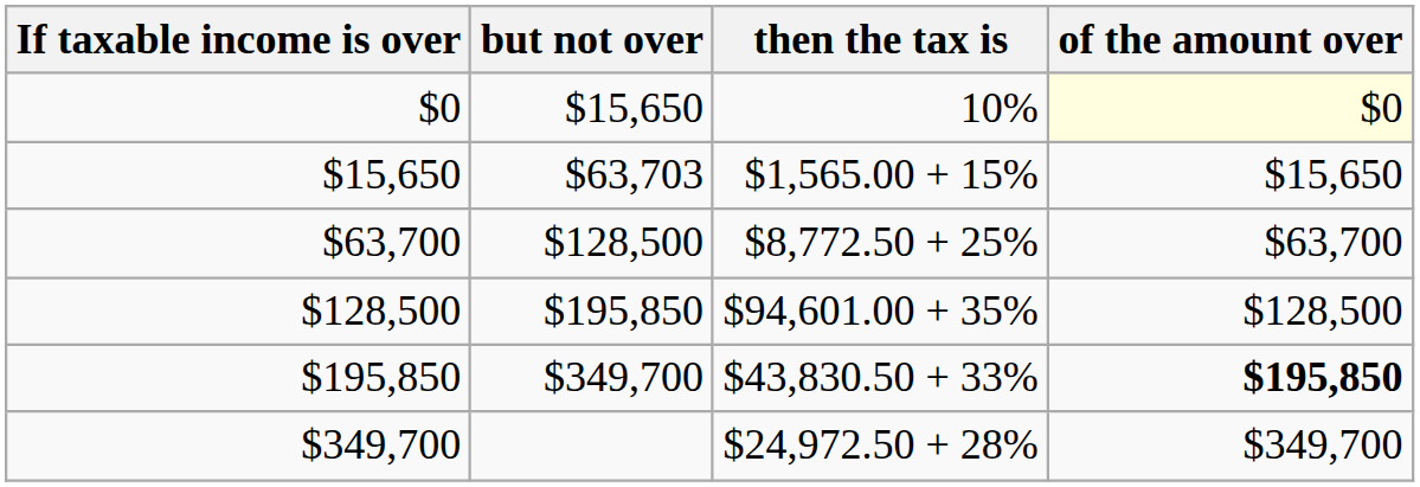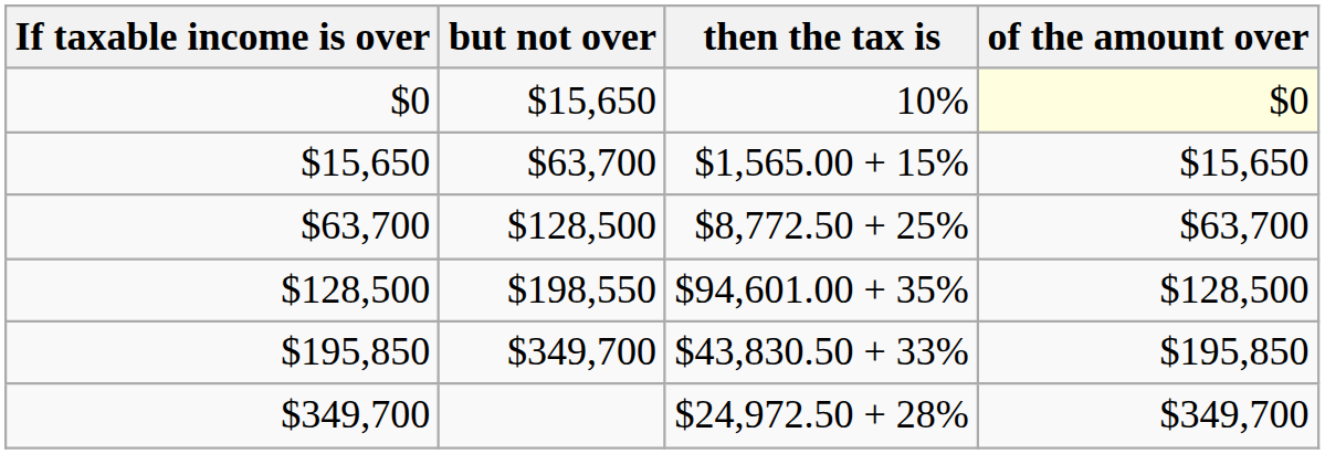 <table class="wikitable" style="text-align: right;">
 <tr>
 <th>If taxable income is over</th>
 <th>but not over</th>
 <th>then the tax is</th>
 <th>of the amount over</th>
 </tr>
 <tr>
 <td>$0</td>
 <td>$15,650</td>
 <td>10%</td>
 <td style="background: lightyellow;">$0</td>
 </tr>
 <tr>
 <td>$15,650</td>
-<td>$63,703</td>
+<td>$63,700</td>
 <td>$1,565.00 + 15%</td>
 <td>$15,650</td>
 </tr>
 <tr>
 <td>$63,700</td>
 <td>$128,500</td>
 <td>$8,772.50 + 25%</td>
 <td>$63,700</td>
 </tr>
 <tr>
 <td>$128,500</td>
-<td>$195,850</td>
+<td>$198,550</td>
 <td>$94,601.00 + 35%</td>
 <td>$128,500</td>
 </tr>
 <tr>
 <td>$195,850</td>
 <td>$349,700</td>
 <td>$43,830.50 + 33%</td>
-<td><strong>$195,850</strong></td>
+<td>$195,850</td>
 </tr>
 <tr>
 <td>$349,700</td>
 <td></td>
 <td>$24,972.50 + 28%</td>
 <td>$349,700</td>
 </tr>
 </table>
